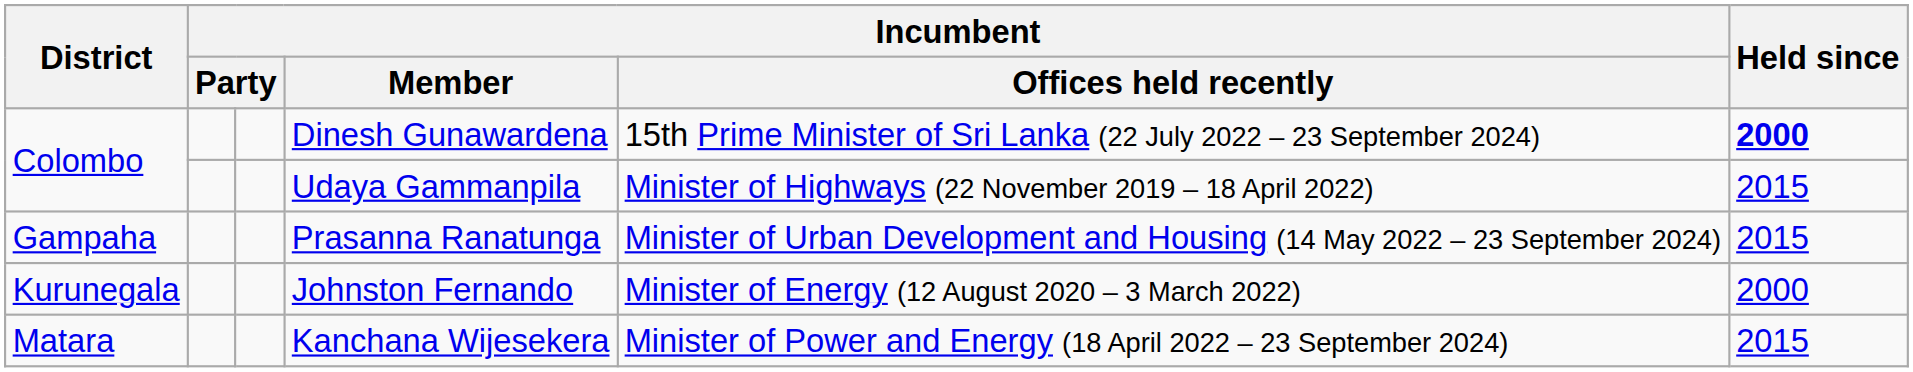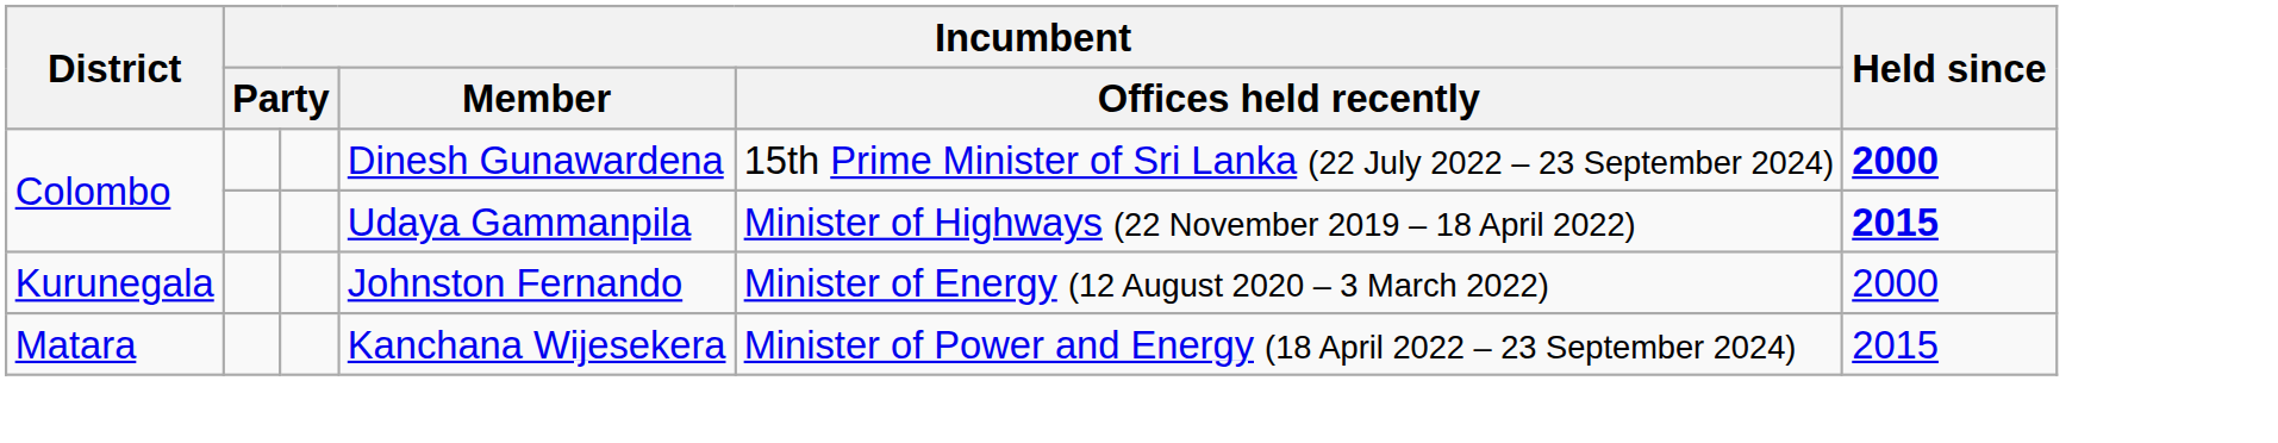 <table class="wikitable sortable" style="font-size: 95%;">
 <tr>
 <th rowspan=2>District</th>
 <th colspan=4>Incumbent</th>
 <th rowspan=2>Held since</th>
 </tr>
 <tr>
 <th colspan=2>Party</th>
 <th>Member</th>
 <th>Offices held recently</th>
 </tr>
 <tr>
 <td rowspan=2><a href='#'>Colombo</a></td>
 <td style="background-color: "></td>
 <td></td>
 <td data-sort-value=","><a href='#'>Dinesh Gunawardena</a></td>
 <td>15th <a href='#'>Prime Minister of Sri Lanka</a> <small>(22 July 2022 – 23 September 2024)</small></td>
 <td><strong><a href='#'>2000</a></strong></td>
 </tr>
 <tr>
 <td style="background-color: "></td>
 <td></td>
 <td data-sort-value=","><a href='#'>Udaya Gammanpila</a></td>
 <td><a href='#'>Minister of Highways</a> <small>(22 November 2019 – 18 April 2022)</small></td>
-<td><a href='#'>2015</a></td>
-</tr>
-<tr>
-<td><a href='#'>Gampaha</a></td>
-<td style="background-color: "></td>
-<td></td>
-<td data-sort-value=","><a href='#'>Prasanna Ranatunga</a></td>
-<td><a href='#'>Minister of Urban Development and Housing</a> <small>(14 May 2022 – 23 September 2024)</small></td>
-<td><a href='#'>2015</a></td>
+<td><strong><a href='#'>2015</a></strong></td>
 </tr>
 <tr>
 <td><a href='#'>Kurunegala</a></td>
 <td style="background-color: "></td>
 <td></td>
 <td data-sort-value="Fernando, Johnston"><a href='#'>Johnston Fernando</a></td>
 <td><a href='#'>Minister of Energy</a> <small>(12 August 2020 – 3 March 2022)</small></td>
 <td><a href='#'>2000</a></td>
 </tr>
 <tr>
 <td><a href='#'>Matara</a></td>
 <td style="background-color: "></td>
 <td></td>
 <td><a href='#'>Kanchana Wijesekera</a></td>
 <td><a href='#'>Minister of Power and Energy</a> <small>(18 April 2022 – 23 September 2024)</small></td>
 <td><a href='#'>2015</a></td>
 </tr>
 </table>
